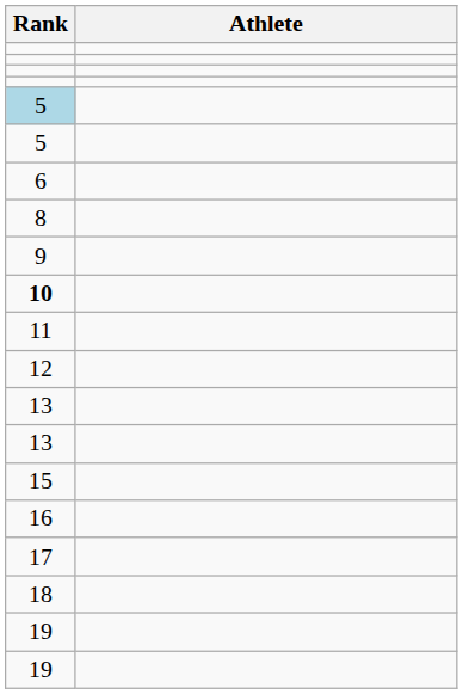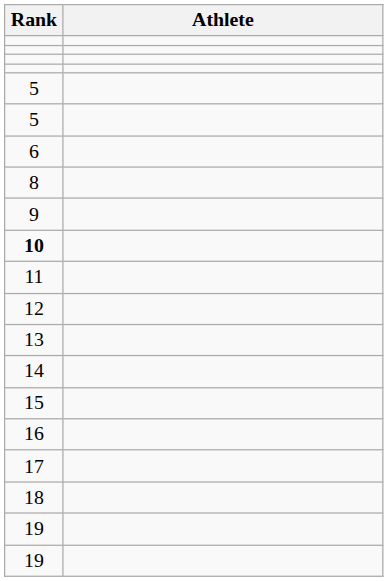 <table class="wikitable" style="text-align: center;">
 <tr>
 <th width=40>Rank</th>
 <th width=250>Athlete</th>
 </tr>
 <tr>
 <td></td>
 <td align="left"></td>
 </tr>
 <tr>
 <td></td>
 <td align="left"></td>
 </tr>
 <tr>
 <td></td>
 <td align="left"></td>
 </tr>
 <tr>
 <td></td>
 <td align="left"></td>
 </tr>
 <tr>
-<td style="background: lightblue;">5</td>
+<td>5</td>
 <td align="left"></td>
 </tr>
 <tr>
 <td>5</td>
 <td align="left"></td>
 </tr>
 <tr>
 <td>6</td>
 <td align="left"></td>
 </tr>
 <tr>
 <td>8</td>
 <td align="left"></td>
 </tr>
 <tr>
 <td>9</td>
 <td align="left"></td>
 </tr>
 <tr>
 <td><strong>10</strong></td>
 <td align="left"></td>
 </tr>
 <tr>
 <td>11</td>
 <td align="left"></td>
 </tr>
 <tr>
 <td>12</td>
 <td align="left"></td>
 </tr>
 <tr>
 <td>13</td>
 <td align="left"></td>
 </tr>
 <tr>
-<td>13</td>
+<td>14</td>
 <td align="left"></td>
 </tr>
 <tr>
 <td>15</td>
 <td align="left"></td>
 </tr>
 <tr>
 <td>16</td>
 <td align="left"></td>
 </tr>
 <tr>
 <td>17</td>
 <td align="left"></td>
 </tr>
 <tr>
 <td>18</td>
 <td align="left"></td>
 </tr>
 <tr>
 <td>19</td>
 <td align="left"></td>
 </tr>
 <tr>
 <td>19</td>
 <td align="left"></td>
 </tr>
 </table>
